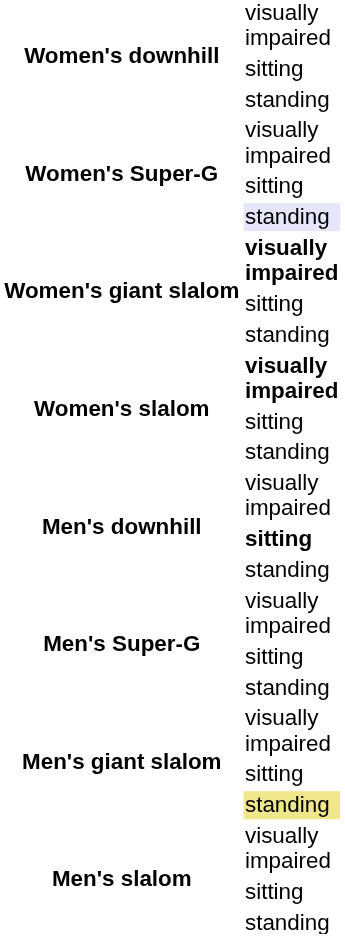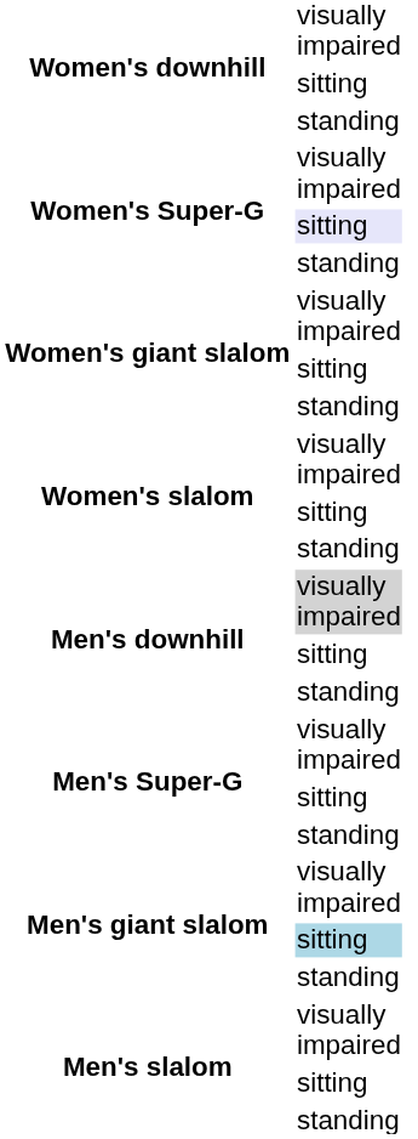 <table>
 <tr>
 <th scope="row" rowspan="3">Women's downhill<br></th>
 <td>visually <br>impaired</td>
 <td></td>
 <td></td>
 <td></td>
 </tr>
 <tr>
 <td>sitting</td>
 <td></td>
 <td></td>
 <td></td>
 </tr>
 <tr>
 <td>standing</td>
 <td></td>
 <td></td>
 <td></td>
 </tr>
 <tr>
 <th scope="row" rowspan="3">Women's Super-G<br></th>
 <td>visually <br>impaired</td>
 <td></td>
 <td></td>
 <td></td>
 </tr>
 <tr>
-<td>sitting</td>
+<td style="background: lavender;">sitting</td>
 <td></td>
 <td></td>
 <td></td>
 </tr>
 <tr>
-<td style="background: lavender;">standing</td>
+<td>standing</td>
 <td></td>
 <td></td>
 <td></td>
 </tr>
 <tr>
 <th scope="row" rowspan="3">Women's giant slalom<br></th>
-<td><strong>visually <br>impaired</strong></td>
+<td>visually <br>impaired</td>
 <td></td>
 <td></td>
 <td></td>
 </tr>
 <tr>
 <td>sitting</td>
 <td></td>
 <td></td>
 <td></td>
 </tr>
 <tr>
 <td>standing</td>
 <td></td>
 <td></td>
 <td></td>
 </tr>
 <tr>
 <th scope="row" rowspan="3">Women's slalom<br></th>
-<td><strong>visually <br>impaired</strong></td>
+<td>visually <br>impaired</td>
 <td></td>
 <td></td>
 <td></td>
 </tr>
 <tr>
 <td>sitting</td>
 <td></td>
 <td></td>
 <td></td>
 </tr>
 <tr>
 <td>standing</td>
 <td></td>
 <td></td>
 <td></td>
 </tr>
 <tr>
 <th scope="row" rowspan="3">Men's downhill<br></th>
-<td>visually <br>impaired</td>
+<td style="background: lightgrey;">visually <br>impaired</td>
 <td></td>
 <td></td>
 <td></td>
 </tr>
 <tr>
-<td><strong>sitting</strong></td>
+<td>sitting</td>
 <td></td>
 <td></td>
 <td></td>
 </tr>
 <tr>
 <td>standing</td>
 <td></td>
 <td></td>
 <td></td>
 </tr>
 <tr>
 <th scope="row" rowspan="3">Men's Super-G<br></th>
 <td>visually <br>impaired</td>
 <td></td>
 <td></td>
 <td></td>
 </tr>
 <tr>
 <td>sitting</td>
 <td></td>
 <td></td>
 <td></td>
 </tr>
 <tr>
 <td>standing</td>
 <td></td>
 <td></td>
 <td></td>
 </tr>
 <tr>
 <th scope="row" rowspan="3">Men's giant slalom<br></th>
 <td>visually <br>impaired</td>
 <td></td>
 <td></td>
 <td></td>
 </tr>
 <tr>
-<td>sitting</td>
+<td style="background: lightblue;">sitting</td>
 <td></td>
 <td></td>
 <td></td>
 </tr>
 <tr>
-<td style="background: khaki;">standing</td>
+<td>standing</td>
 <td></td>
 <td></td>
 <td></td>
 </tr>
 <tr>
 <th scope="row" rowspan="3">Men's slalom<br></th>
 <td>visually <br>impaired</td>
 <td></td>
 <td></td>
 <td></td>
 </tr>
 <tr>
 <td>sitting</td>
 <td></td>
 <td></td>
 <td></td>
 </tr>
 <tr>
 <td>standing</td>
 <td></td>
 <td></td>
 <td></td>
 </tr>
 </table>
